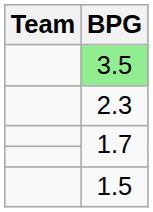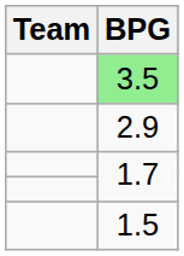 <table class=wikitable>
 <tr>
 <th>Team</th>
 <th>BPG</th>
 </tr>
 <tr>
 <td></td>
 <td align=center style="background: lightgreen;">3.5</td>
 </tr>
 <tr>
 <td></td>
-<td align=center>2.3</td>
+<td align=center>2.9</td>
 </tr>
 <tr>
 <td></td>
 <td align=center rowspan=2>1.7</td>
 </tr>
 <tr>
 <td></td>
 </tr>
 <tr>
 <td></td>
 <td align=center>1.5</td>
 </tr>
 </table>
